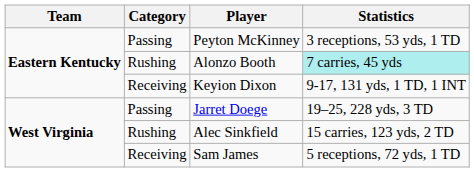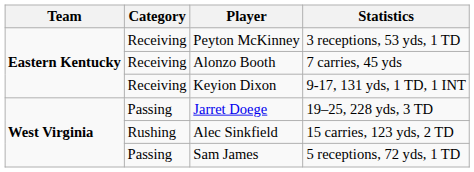 <table class="wikitable" style="float: right;">
 <tr>
 <th>Team</th>
 <th>Category</th>
 <th>Player</th>
 <th>Statistics</th>
 </tr>
 <tr>
 <td rowspan=3><strong>Eastern Kentucky</strong></td>
-<td>Passing</td>
+<td>Receiving</td>
 <td>Peyton McKinney</td>
 <td>3 receptions, 53 yds, 1 TD</td>
 </tr>
 <tr>
-<td>Rushing</td>
+<td>Receiving</td>
 <td>Alonzo Booth</td>
-<td style="background: paleturquoise;">7 carries, 45 yds</td>
+<td>7 carries, 45 yds</td>
 </tr>
 <tr>
 <td>Receiving</td>
 <td>Keyion Dixon</td>
 <td>9-17, 131 yds, 1 TD, 1 INT</td>
 </tr>
 <tr>
 <td rowspan=3><strong>West Virginia</strong></td>
 <td>Passing</td>
 <td><a href='#'>Jarret Doege</a></td>
 <td>19–25, 228 yds, 3 TD</td>
 </tr>
 <tr>
 <td>Rushing</td>
 <td>Alec Sinkfield</td>
 <td>15 carries, 123 yds, 2 TD</td>
 </tr>
 <tr>
-<td>Receiving</td>
+<td>Passing</td>
 <td>Sam James</td>
 <td>5 receptions, 72 yds, 1 TD</td>
 </tr>
 </table>
